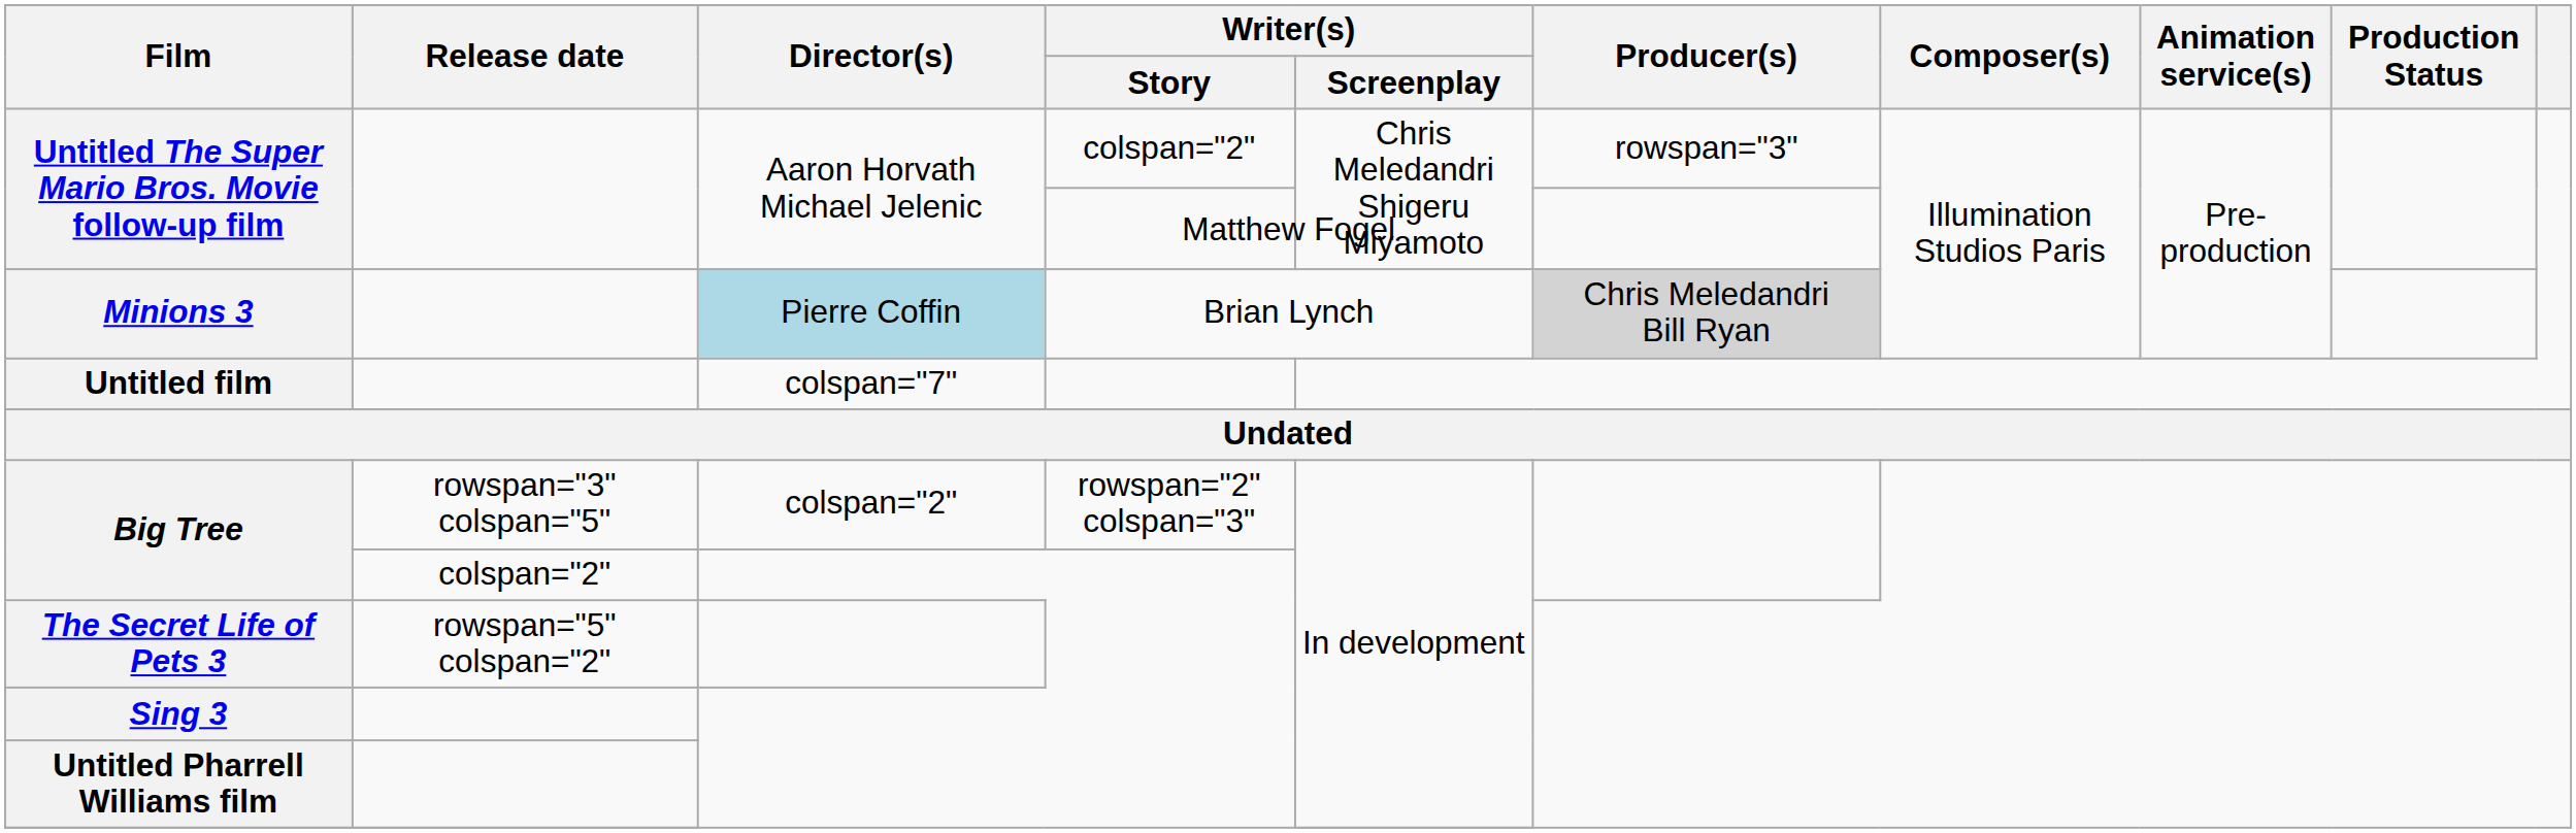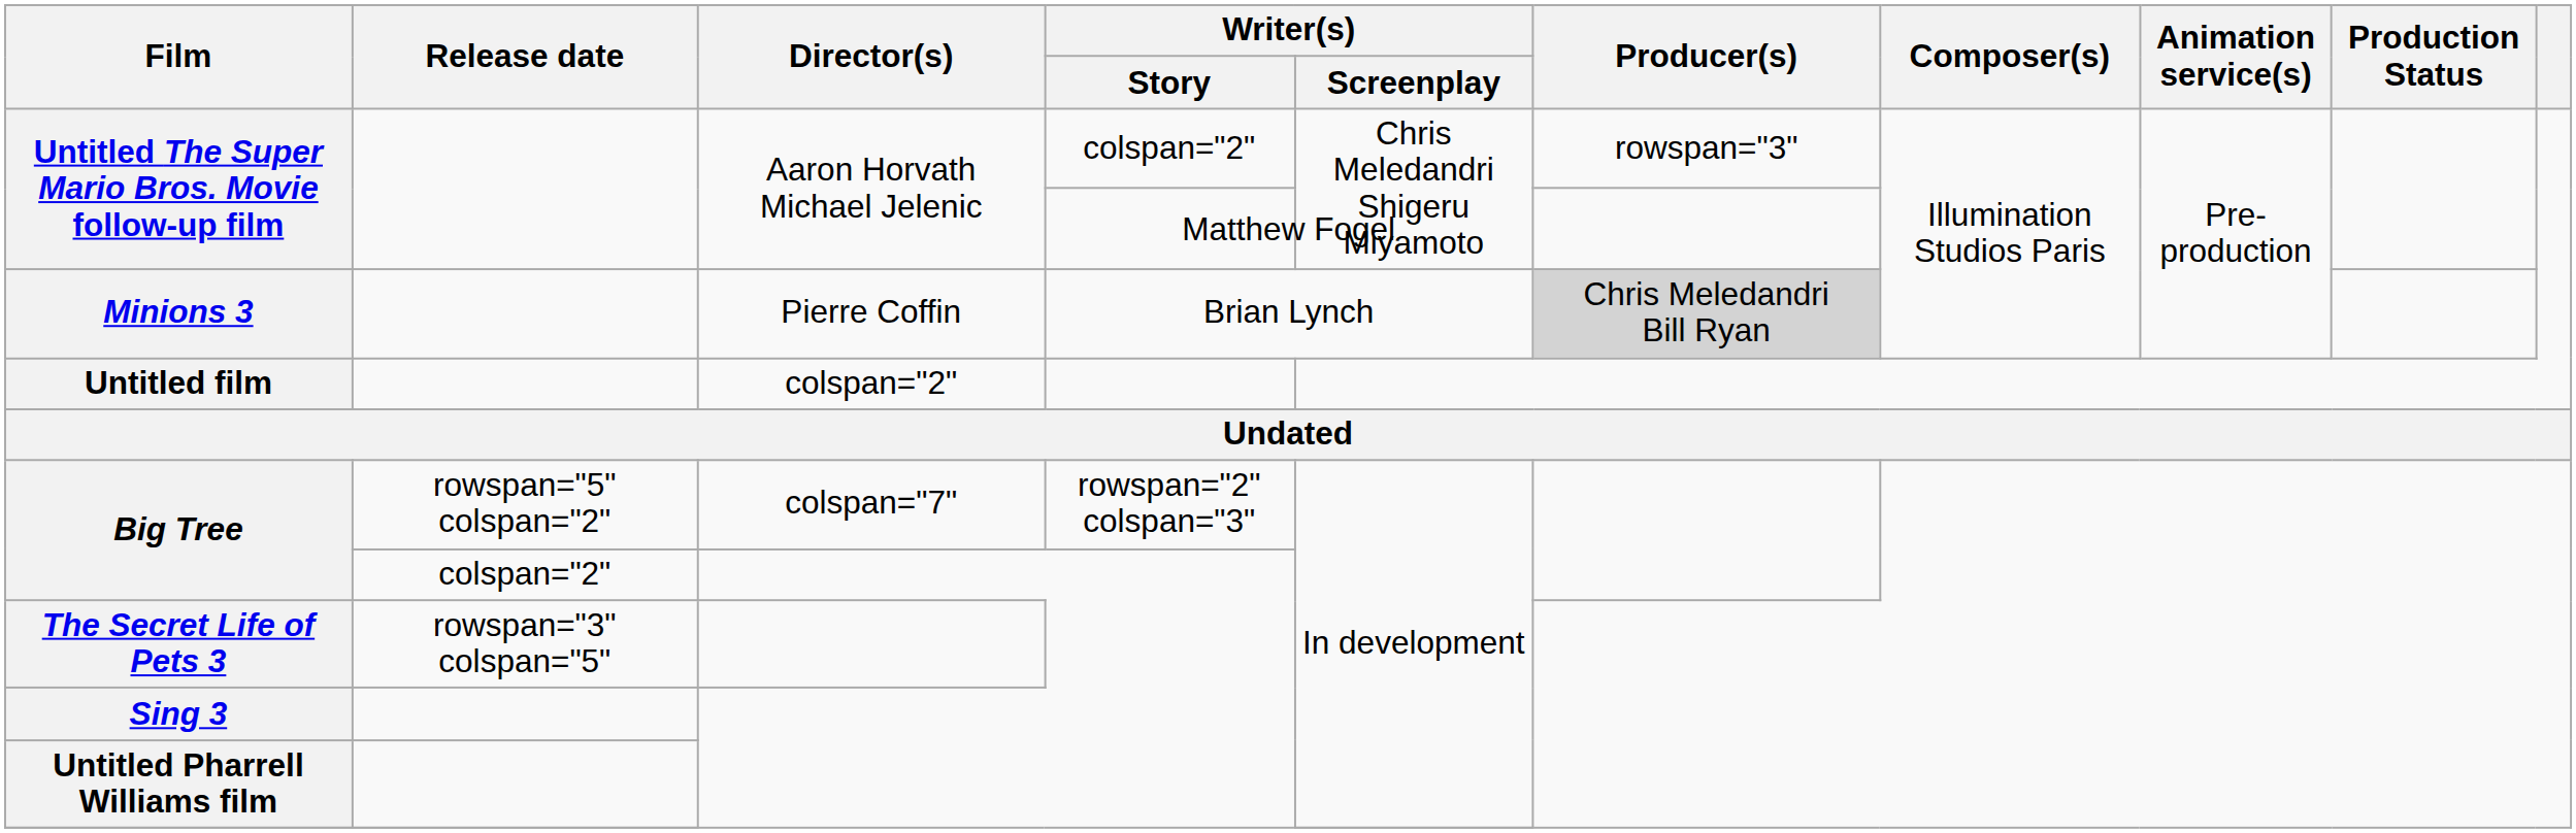 <table class="wikitable sortable plainrowheaders" style="text-align:center; margin=auto; width:100%;">
 <tr>
 <th rowspan="2" scope="col" style="width:10%;">Film</th>
 <th rowspan="2" scope="col" style="width:10%;" class="unsortable">Release date</th>
 <th rowspan="2" scope="col" style="width:10%;">Director(s)</th>
 <th colspan="2" scope="col" style="width:10%;">Writer(s)</th>
 <th rowspan="2" scope="col" style="width:10%;">Producer(s)</th>
 <th rowspan="2" scope="col" style="width:5%;">Composer(s)</th>
 <th rowspan="2" scope="col" style="width:2%;">Animation service(s)</th>
 <th rowspan="2" scope="col" style="width:2%;">Production Status</th>
 <th rowspan="2" scope="col" style="width:1%;" class="unsortable"></th>
 </tr>
 <tr>
 <th>Story</th>
 <th>Screenplay</th>
 </tr>
 <tr>
 <th rowspan="2" scope="row"><a href='#'>Untitled <em>The Super Mario Bros. Movie</em> follow-up film</a></th>
 <td rowspan="2"></td>
 <td rowspan="2">Aaron Horvath<br>Michael Jelenic</td>
 <td>colspan="2" </td>
 <td rowspan="2">Chris Meledandri<br>Shigeru Miyamoto</td>
 <td>rowspan="3" </td>
 <td rowspan="3">Illumination Studios Paris</td>
 <td rowspan="3">Pre-production</td>
 <td rowspan="2"></td>
 </tr>
 <tr>
 <td colspan="2">Matthew Fogel</td>
 </tr>
 <tr>
 <th scope="row"><em><a href='#'>Minions 3</a></em></th>
 <td></td>
-<td style="background: lightblue;">Pierre Coffin</td>
+<td>Pierre Coffin</td>
 <td colspan="2">Brian Lynch</td>
 <td style="background: lightgrey;">Chris Meledandri<br>Bill Ryan</td>
 <td></td>
 </tr>
 <tr>
 <th scope="row">Untitled film</th>
 <td></td>
-<td>colspan="7" </td>
+<td>colspan="2" </td>
 <td></td>
 </tr>
 <tr>
 <th colspan="10">Undated</th>
 </tr>
 <tr>
 <th scope="row" rowspan="2"><em>Big Tree</em></th>
-<td>rowspan="3" colspan="5" </td>
-<td>colspan="2" </td>
+<td>rowspan="5" colspan="2" </td>
+<td>colspan="7" </td>
 <td>rowspan="2" colspan="3" </td>
 <td rowspan="5">In development</td>
 <td rowspan="2"></td>
 </tr>
 <tr>
 <td>colspan="2" </td>
 </tr>
 <tr>
 <th scope="row"><em><a href='#'>The Secret Life of Pets 3</a></em></th>
-<td>rowspan="5" colspan="2" </td>
+<td>rowspan="3" colspan="5" </td>
 <td></td>
 </tr>
 <tr>
 <th scope="row"><em><a href='#'>Sing 3</a></em></th>
 <td></td>
 </tr>
 <tr>
 <th scope="row">Untitled Pharrell Williams film</th>
 <td></td>
 </tr>
 <tr>
 </tr>
 </table>
